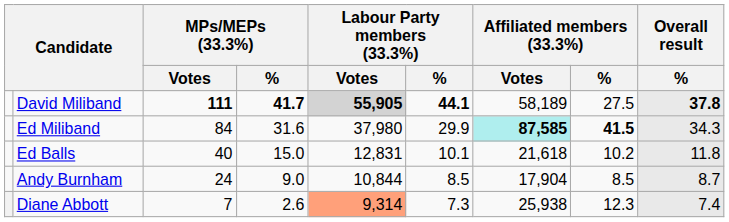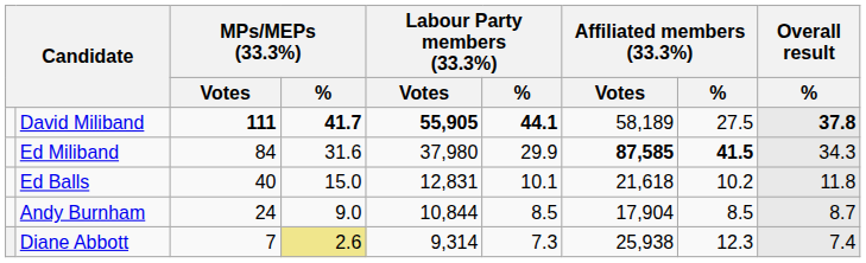 <table class="wikitable" style="font-size:95%;">
 <tr>
 <th colspan="2" scope="col" rowspan="2" style="width:125px;">Candidate</th>
 <th scope="col" colspan="2" style="width:150px;">MPs/MEPs <br> (33.3%)</th>
 <th scope="col" colspan="2" style="width:150px;">Labour Party members <br> (33.3%)</th>
 <th scope="col" colspan="2" style="width:150px;">Affiliated members <br> (33.3%)</th>
 <th scope="col" style="width:75px;">Overall result</th>
 </tr>
 <tr>
 <th>Votes</th>
 <th>%</th>
 <th>Votes</th>
 <th>%</th>
 <th>Votes</th>
 <th>%</th>
 <th>%</th>
 </tr>
 <tr style="text-align:right;">
 <td style="background-color: "></td>
 <td scope="row" style="text-align:left;"><a href='#'>David Miliband</a></td>
 <td><strong>111</strong></td>
 <td><strong>41.7</strong></td>
-<td style="background: lightgrey;"><strong>55,905</strong></td>
+<td><strong>55,905</strong></td>
 <td><strong>44.1</strong></td>
 <td>58,189</td>
 <td>27.5</td>
 <td style="background:#e9e9e9;"><strong>37.8</strong></td>
 </tr>
 <tr style="text-align:right;">
 <td style="background-color: "></td>
 <td scope="row" style="text-align:left;"><a href='#'>Ed Miliband</a></td>
 <td>84</td>
 <td>31.6</td>
 <td>37,980</td>
 <td>29.9</td>
-<td style="background: paleturquoise;"><strong>87,585</strong></td>
+<td><strong>87,585</strong></td>
 <td><strong>41.5</strong></td>
 <td style="background:#e9e9e9;">34.3</td>
 </tr>
 <tr style="text-align:right;">
 <td style="background-color: "></td>
 <td scope="row" style="text-align:left;"><a href='#'>Ed Balls</a></td>
 <td>40</td>
 <td>15.0</td>
 <td>12,831</td>
 <td>10.1</td>
 <td>21,618</td>
 <td>10.2</td>
 <td style="background:#e9e9e9;">11.8</td>
 </tr>
 <tr style="text-align:right;">
 <td style="background-color: "></td>
 <td scope="row" style="text-align:left;"><a href='#'>Andy Burnham</a></td>
 <td>24</td>
 <td>9.0</td>
 <td>10,844</td>
 <td>8.5</td>
 <td>17,904</td>
 <td>8.5</td>
 <td style="background:#e9e9e9;">8.7</td>
 </tr>
 <tr style="text-align:right;">
 <th style="background-color: "></th>
 <td scope="row" style="text-align:left;"><a href='#'>Diane Abbott</a> </td>
 <td>7</td>
-<td>2.6</td>
-<td style="background: lightsalmon;">9,314</td>
+<td style="background: khaki;">2.6</td>
+<td>9,314</td>
 <td>7.3</td>
 <td>25,938</td>
 <td>12.3</td>
 <td style="background:#e9e9e9;">7.4</td>
 </tr>
 </table>
